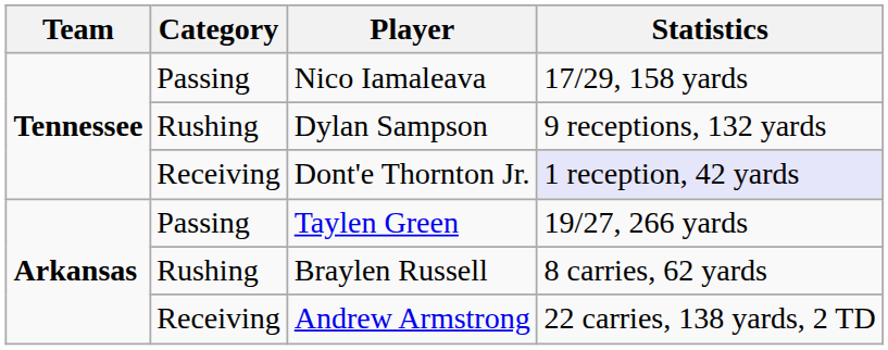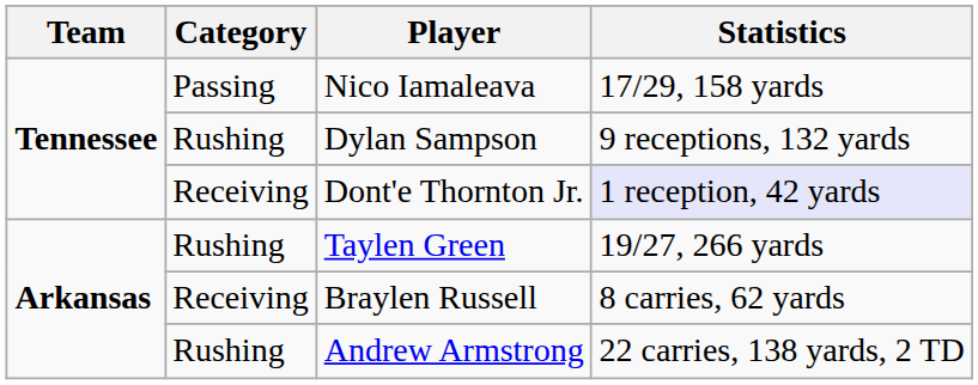 <table class="wikitable" style="float: right;">
 <tr>
 <th>Team</th>
 <th>Category</th>
 <th>Player</th>
 <th>Statistics</th>
 </tr>
 <tr>
 <td rowspan=3><strong>Tennessee</strong></td>
 <td>Passing</td>
 <td>Nico Iamaleava</td>
 <td>17/29, 158 yards</td>
 </tr>
 <tr>
 <td>Rushing</td>
 <td>Dylan Sampson</td>
 <td>9 receptions, 132 yards</td>
 </tr>
 <tr>
 <td>Receiving</td>
 <td>Dont'e Thornton Jr.</td>
 <td style="background: lavender;">1 reception, 42 yards</td>
 </tr>
 <tr>
 <td rowspan=3><strong>Arkansas</strong></td>
-<td>Passing</td>
+<td>Rushing</td>
 <td><a href='#'>Taylen Green</a></td>
 <td>19/27, 266 yards</td>
 </tr>
 <tr>
-<td>Rushing</td>
+<td>Receiving</td>
 <td>Braylen Russell</td>
 <td>8 carries, 62 yards</td>
 </tr>
 <tr>
-<td>Receiving</td>
+<td>Rushing</td>
 <td><a href='#'>Andrew Armstrong</a></td>
 <td>22 carries, 138 yards, 2 TD</td>
 </tr>
 </table>
